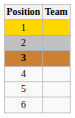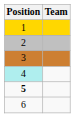 <table class="wikitable" style="text-align:center;">
 <tr>
 <th>Position</th>
 <th>Team</th>
 </tr>
 <tr style="background:#FFD700;">
 <td>1</td>
 <td></td>
 </tr>
 <tr style="background:#C0C0C0;">
 <td>2</td>
 <td></td>
 </tr>
 <tr style="background:#CD7F32;">
-<td><strong>3</strong></td>
+<td>3</td>
 <td></td>
 </tr>
 <tr>
-<td>4</td>
+<td style="background: paleturquoise;">4</td>
 <td></td>
 </tr>
 <tr>
-<td>5</td>
+<td><strong>5</strong></td>
 <td></td>
 </tr>
 <tr>
 <td>6</td>
 <td></td>
 </tr>
 </table>
